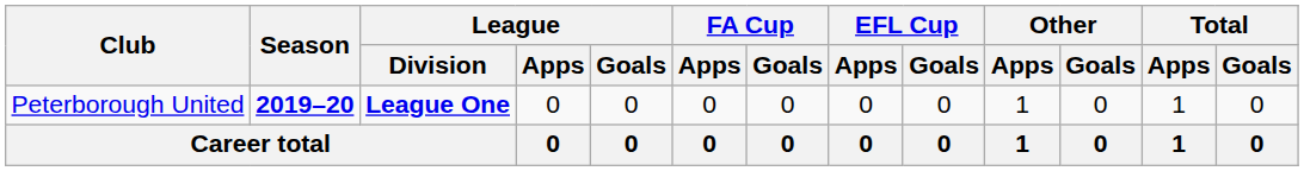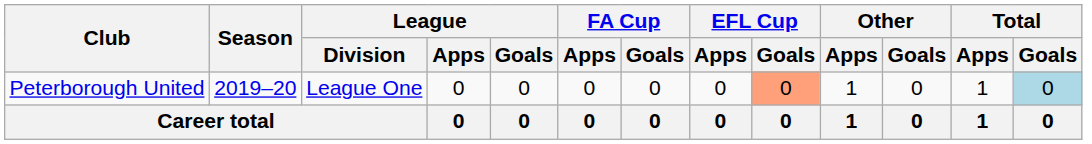 <table class="wikitable" style="text-align:center">
 <tr>
 <th rowspan="2">Club</th>
 <th rowspan="2">Season</th>
 <th colspan="3">League</th>
 <th colspan="2"><a href='#'>FA Cup</a></th>
 <th colspan="2"><a href='#'>EFL Cup</a></th>
 <th colspan="2">Other</th>
 <th colspan="2">Total</th>
 </tr>
 <tr>
 <th>Division</th>
 <th>Apps</th>
 <th>Goals</th>
 <th>Apps</th>
 <th>Goals</th>
 <th>Apps</th>
 <th>Goals</th>
 <th>Apps</th>
 <th>Goals</th>
 <th>Apps</th>
 <th>Goals</th>
 </tr>
 <tr>
 <td><a href='#'>Peterborough United</a></td>
-<td><strong><a href='#'>2019–20</a></strong></td>
-<td><strong><a href='#'>League One</a></strong></td>
+<td><a href='#'>2019–20</a></td>
+<td><a href='#'>League One</a></td>
 <td>0</td>
 <td>0</td>
 <td>0</td>
 <td>0</td>
 <td>0</td>
-<td>0</td>
+<td style="background: lightsalmon;">0</td>
 <td>1</td>
 <td>0</td>
 <td>1</td>
-<td>0</td>
+<td style="background: lightblue;">0</td>
 </tr>
 <tr>
 <th colspan="3">Career total</th>
 <th>0</th>
 <th>0</th>
 <th>0</th>
 <th>0</th>
 <th>0</th>
 <th>0</th>
 <th>1</th>
 <th>0</th>
 <th>1</th>
 <th>0</th>
 </tr>
 </table>
